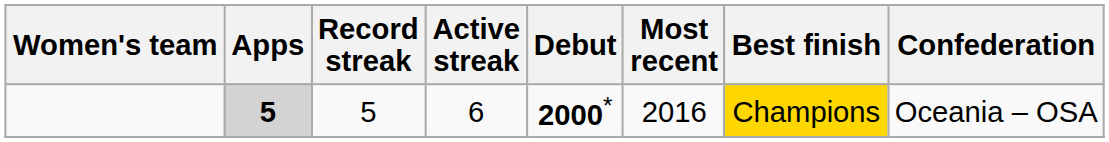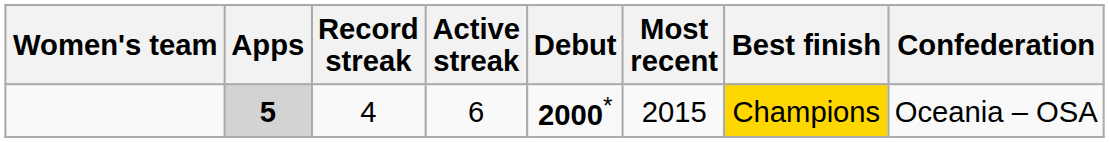 <table class="wikitable" style="text-align: center; font-size: 90%; margin-left: 1em;">
 <tr>
 <th>Women's team</th>
 <th>Apps</th>
 <th>Record<br>streak</th>
 <th>Active<br>streak</th>
 <th>Debut</th>
 <th>Most<br>recent</th>
 <th>Best finish</th>
 <th>Confederation</th>
 </tr>
 <tr>
 <td style="text-align: left;"></td>
 <td style="background: lightgrey;"><strong>5</strong></td>
-<td>5</td>
+<td>4</td>
 <td>6</td>
 <td><strong>2000</strong><sup>*</sup></td>
-<td>2016</td>
+<td>2015</td>
 <td style="background-color: gold;">Champions</td>
 <td>Oceania – OSA</td>
 </tr>
 </table>
